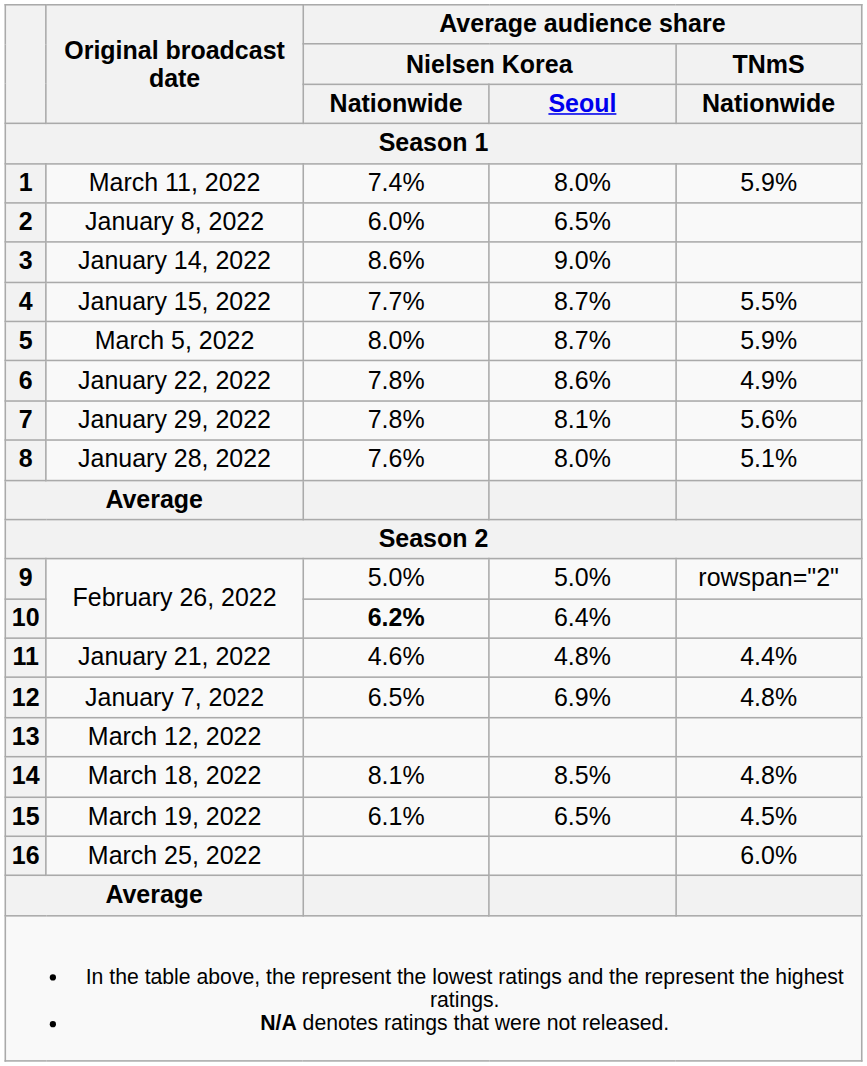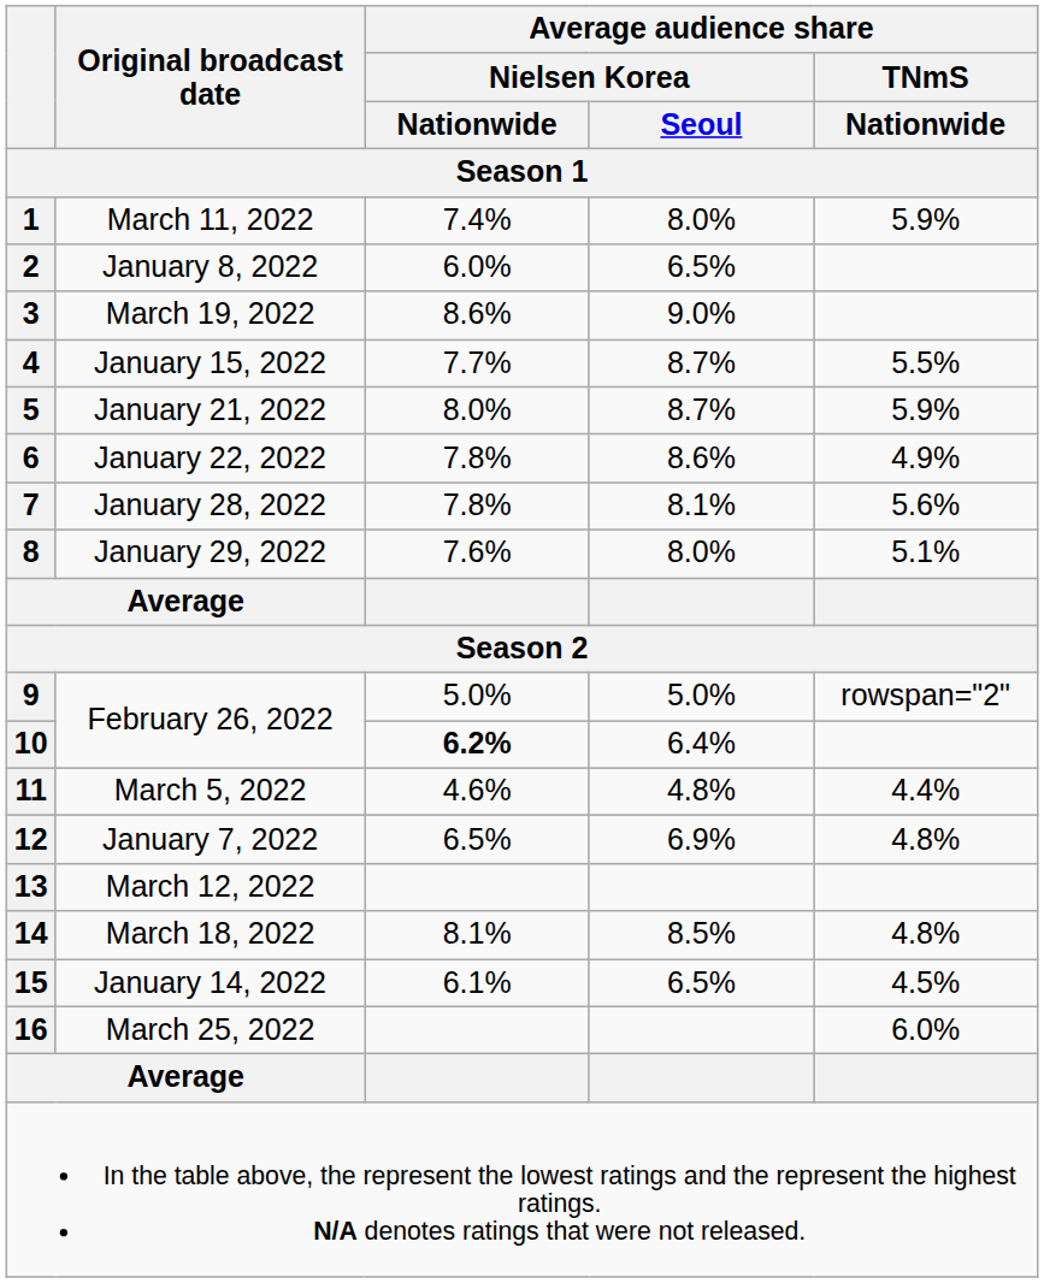 <table class="wikitable" style="text-align:center; max-width:550px; margin-left:auto; margin-right:auto">
 <tr>
 <th scope="col" rowspan="3"></th>
 <th scope="col" rowspan="3">Original broadcast date</th>
 <th scope="col" colspan="3">Average audience share</th>
 </tr>
 <tr>
 <th scope="col" colspan="2">Nielsen Korea</th>
 <th scope="col">TNmS</th>
 </tr>
 <tr>
 <th scope="col" style="width:7em">Nationwide</th>
 <th scope="col" style="width:7em"><a href='#'>Seoul</a></th>
 <th scope="col" style="width:7em">Nationwide</th>
 </tr>
 <tr>
 <th scope="col" colspan="5">Season 1</th>
 </tr>
 <tr>
 <th scope="col">1</th>
 <td>March 11, 2022</td>
 <td>7.4% </td>
 <td>8.0% </td>
 <td>5.9% </td>
 </tr>
 <tr>
 <th scope="col">2</th>
 <td>January 8, 2022</td>
 <td>6.0% </td>
 <td>6.5% </td>
 <td><strong></strong>  </td>
 </tr>
 <tr>
 <th scope="col">3</th>
-<td>January 14, 2022</td>
+<td>March 19, 2022</td>
 <td>8.6% </td>
 <td>9.0%</td>
 <td><strong></strong> </td>
 </tr>
 <tr>
 <th scope="col">4</th>
 <td>January 15, 2022</td>
 <td>7.7% </td>
 <td>8.7% </td>
 <td>5.5% </td>
 </tr>
 <tr>
 <th scope="col">5</th>
-<td>March 5, 2022</td>
+<td>January 21, 2022</td>
 <td>8.0% </td>
 <td>8.7% </td>
 <td>5.9% </td>
 </tr>
 <tr>
 <th scope="col">6</th>
 <td>January 22, 2022</td>
 <td>7.8% </td>
 <td>8.6% </td>
 <td>4.9% </td>
 </tr>
 <tr>
 <th scope="col">7</th>
-<td>January 29, 2022</td>
+<td>January 28, 2022</td>
 <td>7.8% </td>
 <td>8.1% </td>
 <td>5.6% </td>
 </tr>
 <tr>
 <th scope="col">8</th>
-<td>January 28, 2022</td>
+<td>January 29, 2022</td>
 <td>7.6% </td>
 <td>8.0% </td>
 <td>5.1% </td>
 </tr>
 <tr>
 <th scope="col" colspan="2">Average</th>
 <th scope="col"></th>
 <th scope="col"></th>
 <th scope="col"></th>
 </tr>
 <tr>
 <th scope="col" colspan="5">Season 2</th>
 </tr>
 <tr>
 <th scope="col">9</th>
 <td rowspan="2">February 26, 2022</td>
 <td>5.0% </td>
 <td>5.0% </td>
 <td>rowspan="2" </td>
 </tr>
 <tr>
 <th scope="col">10</th>
 <td><strong>6.2% </strong></td>
 <td>6.4% </td>
 </tr>
 <tr>
 <th scope="col">11</th>
-<td>January 21, 2022</td>
+<td>March 5, 2022</td>
 <td>4.6% </td>
 <td>4.8% </td>
 <td>4.4% </td>
 </tr>
 <tr>
 <th scope="col">12</th>
 <td>January 7, 2022</td>
 <td>6.5% </td>
 <td>6.9% </td>
 <td>4.8% </td>
 </tr>
 <tr>
 <th scope="col">13</th>
 <td>March 12, 2022</td>
 <td><strong></strong> </td>
 <td><strong></strong> </td>
 <td></td>
 </tr>
 <tr>
 <th scope="col">14</th>
 <td>March 18, 2022</td>
 <td>8.1% </td>
 <td>8.5% </td>
 <td>4.8% </td>
 </tr>
 <tr>
 <th scope="col">15</th>
-<td>March 19, 2022</td>
+<td>January 14, 2022</td>
 <td>6.1% </td>
 <td>6.5% </td>
 <td>4.5% </td>
 </tr>
 <tr>
 <th scope="col">16</th>
 <td>March 25, 2022</td>
 <td><strong></strong> </td>
 <td><strong></strong> </td>
 <td>6.0% </td>
 </tr>
 <tr>
 <th scope="col" colspan="2">Average</th>
 <th scope="col"></th>
 <th scope="col"></th>
 <th scope="col"></th>
 </tr>
 <tr>
 <td colspan="5" style="font-size:85%"><br><ul><li>In the table above, the <strong></strong> represent the lowest ratings and the <strong></strong> represent the highest ratings.</li><li><strong>N/A</strong> denotes ratings that were not released.</li></ul></td>
 </tr>
 </table>
